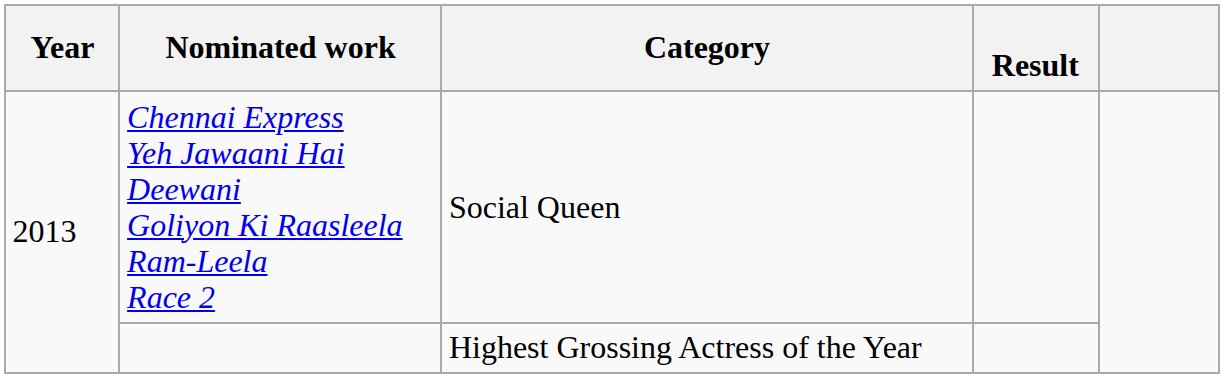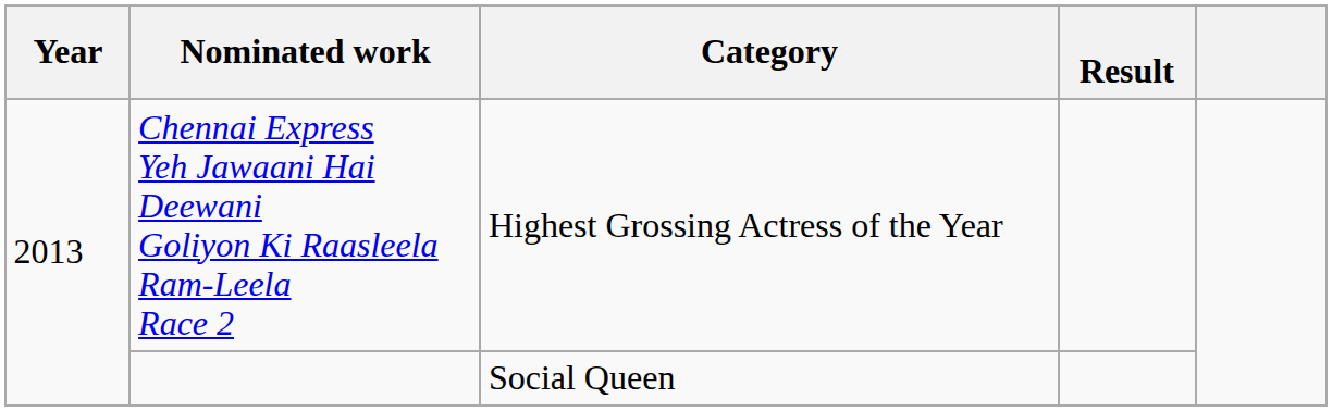 <table class="wikitable">
 <tr>
 <th scope="col" width="3%">Year</th>
 <th scope="col" width="13%">Nominated work</th>
 <th scope="col" width="22%">Category</th>
 <th scope="col" width="2%"><br>Result</th>
 <th scope="col" style="width:5%;"><br></th>
 </tr>
 <tr>
 <td rowspan="2">2013</td>
 <td><em><a href='#'>Chennai Express</a></em><br><em><a href='#'>Yeh Jawaani Hai Deewani</a></em><br><em><a href='#'>Goliyon Ki Raasleela Ram-Leela</a></em><br><em><a href='#'>Race 2</a></em></td>
-<td>Social Queen</td>
+<td>Highest Grossing Actress of the Year</td>
 <td></td>
 <td rowspan="2" align="center"></td>
 </tr>
 <tr>
 <td></td>
-<td>Highest Grossing Actress of the Year</td>
+<td>Social Queen</td>
 <td></td>
 </tr>
 </table>
